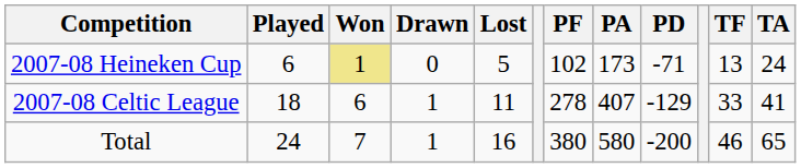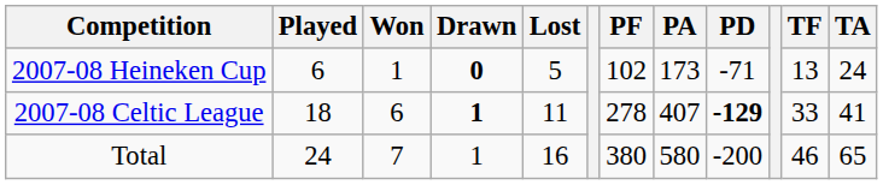 <table class="wikitable">
 <tr>
 <th>Competition</th>
 <th>Played</th>
 <th>Won</th>
 <th>Drawn</th>
 <th>Lost</th>
 <th rowspan="4"></th>
 <th>PF</th>
 <th>PA</th>
 <th>PD</th>
 <th rowspan="4"></th>
 <th>TF</th>
 <th>TA</th>
 </tr>
 <tr align=center>
 <td><a href='#'>2007-08 Heineken Cup</a></td>
 <td>6</td>
-<td style="background: khaki;">1</td>
-<td>0</td>
+<td>1</td>
+<td><strong>0</strong></td>
 <td>5</td>
 <td>102</td>
 <td>173</td>
 <td>-71</td>
 <td>13</td>
 <td>24</td>
 </tr>
 <tr align=center>
 <td><a href='#'>2007-08 Celtic League</a></td>
 <td>18</td>
 <td>6</td>
-<td>1</td>
+<td><strong>1</strong></td>
 <td>11</td>
 <td>278</td>
 <td>407</td>
-<td>-129</td>
+<td><strong>-129</strong></td>
 <td>33</td>
 <td>41</td>
 </tr>
 <tr align=center>
 <td>Total</td>
 <td>24</td>
 <td>7</td>
 <td>1</td>
 <td>16</td>
 <td>380</td>
 <td>580</td>
 <td>-200</td>
 <td>46</td>
 <td>65</td>
 </tr>
 </table>
